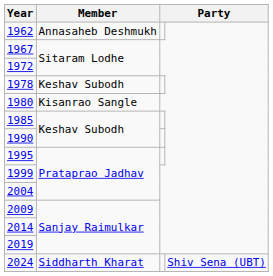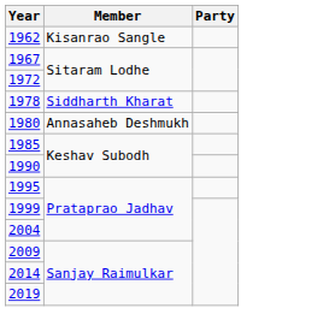 <table class="wikitable">
 <tr>
 <th>Year</th>
 <th>Member</th>
 <th colspan=2>Party</th>
 </tr>
 <tr>
 <td><a href='#'>1962</a></td>
-<td>Annasaheb Deshmukh</td>
+<td>Kisanrao Sangle</td>
 <td></td>
 </tr>
 <tr>
 <td><a href='#'>1967</a></td>
 <td rowspan=2>Sitaram Lodhe</td>
 </tr>
 <tr>
 <td><a href='#'>1972</a></td>
 </tr>
 <tr>
 <td><a href='#'>1978</a></td>
-<td>Keshav Subodh</td>
+<td><a href='#'>Siddharth Kharat</a></td>
 <td></td>
 </tr>
 <tr>
 <td><a href='#'>1980</a></td>
-<td>Kisanrao Sangle</td>
+<td>Annasaheb Deshmukh</td>
 </tr>
 <tr>
 <td><a href='#'>1985</a></td>
 <td rowspan=2>Keshav Subodh</td>
 <td></td>
 </tr>
 <tr>
 <td><a href='#'>1990</a></td>
 <td></td>
 </tr>
 <tr>
 <td><a href='#'>1995</a></td>
 <td rowspan=3><a href='#'>Prataprao Jadhav</a></td>
 <td></td>
 </tr>
 <tr>
 <td><a href='#'>1999</a></td>
 </tr>
 <tr>
 <td><a href='#'>2004</a></td>
 </tr>
 <tr>
 <td><a href='#'>2009</a></td>
 <td rowspan=3><a href='#'>Sanjay Raimulkar</a></td>
 </tr>
 <tr>
 <td><a href='#'>2014</a></td>
 </tr>
 <tr>
 <td><a href='#'>2019</a></td>
 </tr>
-<tr>
-<td><a href='#'>2024</a></td>
-<td><a href='#'>Siddharth Kharat</a></td>
-<td style="background-color: "></td>
-<td><a href='#'>Shiv Sena (UBT)</a></td>
-</tr>
 </table>
